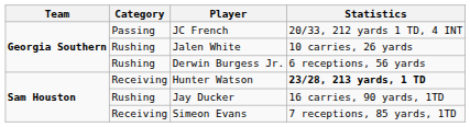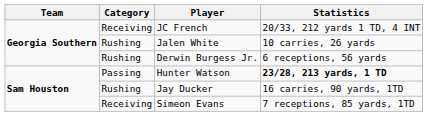 <table class="wikitable" style="float: right;">
 <tr>
 <th>Team</th>
 <th>Category</th>
 <th>Player</th>
 <th>Statistics</th>
 </tr>
 <tr>
 <td rowspan=3><strong>Georgia Southern</strong></td>
-<td>Passing</td>
+<td>Receiving</td>
 <td>JC French</td>
 <td>20/33, 212 yards 1 TD, 4 INT</td>
 </tr>
 <tr>
 <td>Rushing</td>
 <td>Jalen White</td>
 <td>10 carries, 26 yards</td>
 </tr>
 <tr>
 <td>Rushing</td>
 <td>Derwin Burgess Jr.</td>
 <td>6 receptions, 56 yards</td>
 </tr>
 <tr>
 <td rowspan=3><strong>Sam Houston</strong></td>
-<td>Receiving</td>
+<td>Passing</td>
 <td>Hunter Watson</td>
 <td><strong>23/28, 213 yards, 1 TD</strong></td>
 </tr>
 <tr>
 <td>Rushing</td>
 <td>Jay Ducker</td>
 <td>16 carries, 90 yards, 1TD</td>
 </tr>
 <tr>
 <td>Receiving</td>
 <td>Simeon Evans</td>
 <td>7 receptions, 85 yards, 1TD</td>
 </tr>
 </table>
